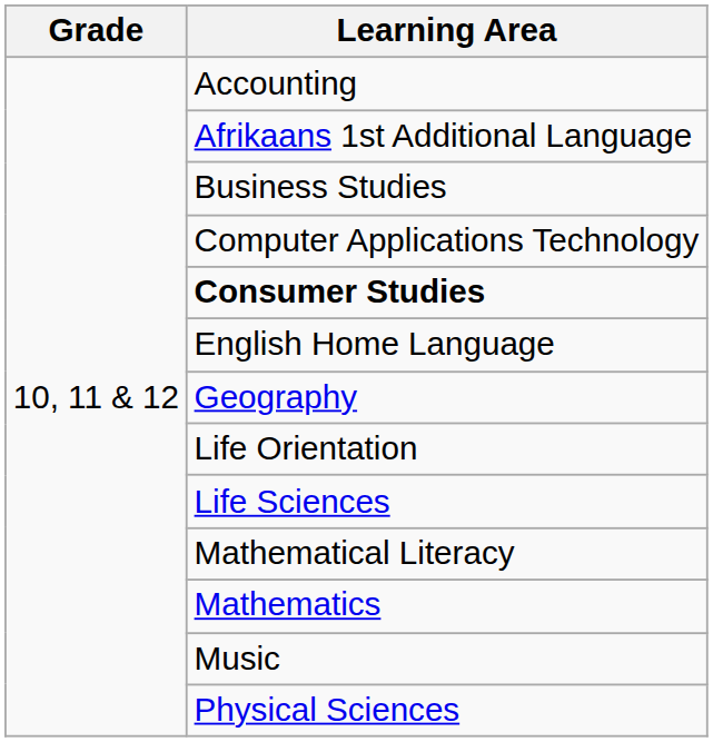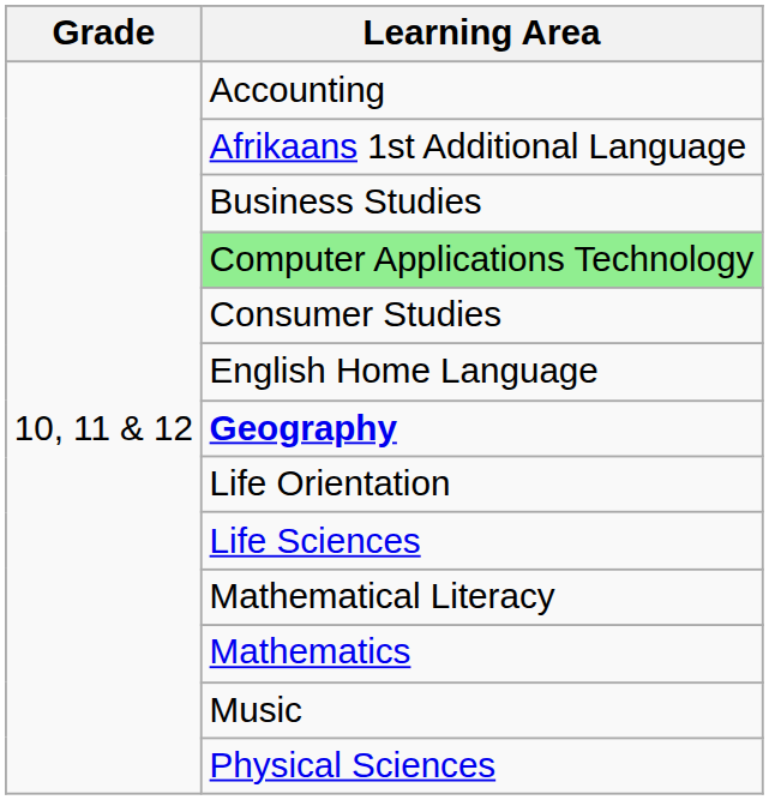 <table class="wikitable">
 <tr>
 <th>Grade</th>
 <th>Learning Area</th>
 </tr>
 <tr>
 <td rowspan="13">10, 11 & 12</td>
 <td>Accounting</td>
 </tr>
 <tr>
 <td><a href='#'>Afrikaans</a> 1st Additional Language</td>
 </tr>
 <tr>
 <td>Business Studies</td>
 </tr>
 <tr>
-<td>Computer Applications Technology</td>
+<td style="background: lightgreen;">Computer Applications Technology</td>
 </tr>
 <tr>
-<td><strong>Consumer Studies</strong></td>
+<td>Consumer Studies</td>
 </tr>
 <tr>
 <td>English Home Language</td>
 </tr>
 <tr>
-<td><a href='#'>Geography</a></td>
+<td><strong><a href='#'>Geography</a></strong></td>
 </tr>
 <tr>
 <td>Life Orientation</td>
 </tr>
 <tr>
 <td><a href='#'>Life Sciences</a></td>
 </tr>
 <tr>
 <td>Mathematical Literacy</td>
 </tr>
 <tr>
 <td><a href='#'>Mathematics</a></td>
 </tr>
 <tr>
 <td>Music</td>
 </tr>
 <tr>
 <td><a href='#'>Physical Sciences</a></td>
 </tr>
 </table>
